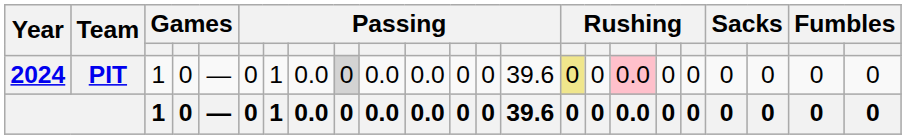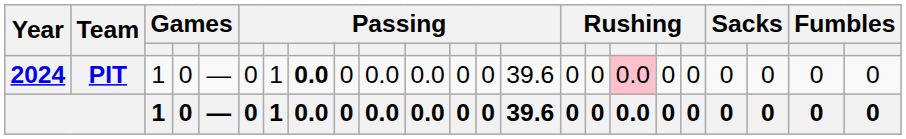 <table class="wikitable" style="text-align:center;">
 <tr>
 <th rowspan="2">Year</th>
 <th rowspan="2">Team</th>
 <th colspan="3">Games</th>
 <th colspan="9">Passing</th>
 <th colspan="5">Rushing</th>
 <th colspan="2">Sacks</th>
 <th colspan="2">Fumbles</th>
 </tr>
 <tr>
 <th></th>
 <th></th>
 <th></th>
 <th></th>
 <th></th>
 <th></th>
 <th></th>
 <th></th>
 <th></th>
 <th></th>
 <th></th>
 <th></th>
 <th></th>
 <th></th>
 <th></th>
 <th></th>
 <th></th>
 <th></th>
 <th></th>
 <th></th>
 <th></th>
 </tr>
 <tr>
 <th><a href='#'>2024</a></th>
 <th><a href='#'>PIT</a></th>
 <td>1</td>
 <td>0</td>
 <td>—</td>
 <td>0</td>
 <td>1</td>
-<td>0.0</td>
-<td style="background: lightgrey;">0</td>
+<td><strong>0.0</strong></td>
+<td>0</td>
 <td>0.0</td>
 <td>0.0</td>
 <td>0</td>
 <td>0</td>
 <td>39.6</td>
-<td style="background: khaki;">0</td>
+<td>0</td>
 <td>0</td>
 <td style="background: pink;">0.0</td>
 <td>0</td>
 <td>0</td>
 <td>0</td>
 <td>0</td>
 <td>0</td>
 <td>0</td>
 </tr>
 <tr>
 <th colspan="2"></th>
 <th>1</th>
 <th>0</th>
 <th>—</th>
 <th>0</th>
 <th>1</th>
 <th><strong>0.0</strong></th>
 <th>0</th>
 <th>0.0</th>
 <th>0.0</th>
 <th>0</th>
 <th>0</th>
 <th><strong>39.6</strong></th>
 <th>0</th>
 <th>0</th>
 <th>0.0</th>
 <th>0</th>
 <th>0</th>
 <th>0</th>
 <th>0</th>
 <th>0</th>
 <th>0</th>
 </tr>
 </table>
